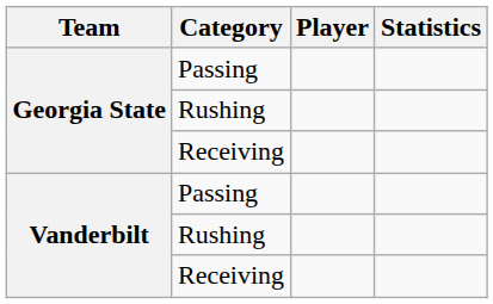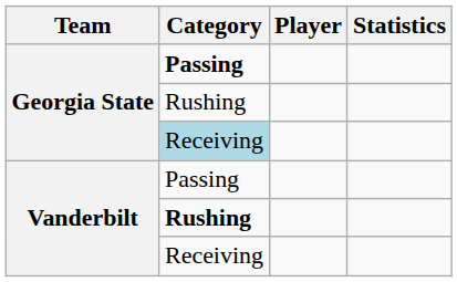 <table class="wikitable" style="float:right">
 <tr>
 <th>Team</th>
 <th>Category</th>
 <th>Player</th>
 <th>Statistics</th>
 </tr>
 <tr>
 <th rowspan=3>Georgia State</th>
-<td>Passing</td>
+<td><strong>Passing</strong></td>
 <td></td>
 <td></td>
 </tr>
 <tr>
 <td>Rushing</td>
 <td></td>
 <td></td>
 </tr>
 <tr>
-<td>Receiving</td>
+<td style="background: lightblue;">Receiving</td>
 <td></td>
 <td></td>
 </tr>
 <tr>
 <th rowspan=3>Vanderbilt</th>
 <td>Passing</td>
 <td></td>
 <td></td>
 </tr>
 <tr>
-<td>Rushing</td>
+<td><strong>Rushing</strong></td>
 <td></td>
 <td></td>
 </tr>
 <tr>
 <td>Receiving</td>
 <td></td>
 <td></td>
 </tr>
 </table>
